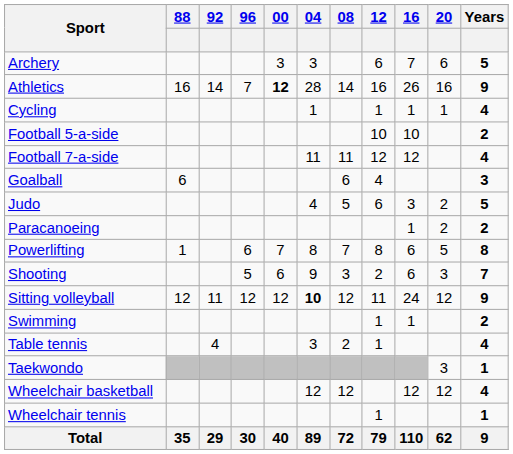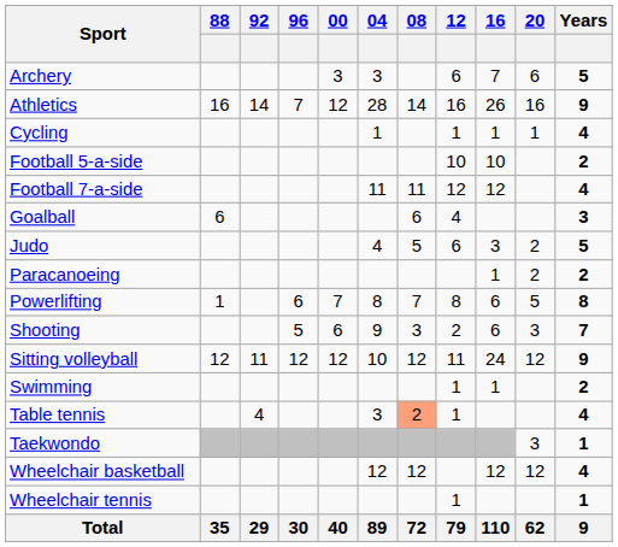 <table class="wikitable sortable" size=90% style="text-align:center; font-size:90%">
 <tr>
 <th rowspan=2 width=150>Sport</th>
 <th width=25><a href='#'>88</a></th>
 <th width=25><a href='#'>92</a></th>
 <th width=25><a href='#'>96</a></th>
 <th width=25><a href='#'>00</a></th>
 <th width=25><a href='#'>04</a></th>
 <th width=25><a href='#'>08</a></th>
 <th width=25><a href='#'>12</a></th>
 <th width=25><a href='#'>16</a></th>
 <th width=25><a href='#'>20</a></th>
 <th width=40>Years</th>
 </tr>
 <tr>
 <th></th>
 <th></th>
 <th></th>
 <th></th>
 <th></th>
 <th></th>
 <th></th>
 <th></th>
 <th></th>
 <th> </th>
 </tr>
 <tr>
 <td align=left><a href='#'>Archery</a></td>
 <td></td>
 <td></td>
 <td></td>
 <td>3</td>
 <td>3</td>
 <td></td>
 <td>6</td>
 <td>7</td>
 <td>6</td>
 <td><strong>5</strong></td>
 </tr>
 <tr>
 <td align=left><a href='#'>Athletics</a></td>
 <td>16</td>
 <td>14</td>
 <td>7</td>
-<td><strong>12</strong></td>
+<td>12</td>
 <td>28</td>
 <td>14</td>
 <td>16</td>
 <td>26</td>
 <td>16</td>
 <td><strong>9</strong></td>
 </tr>
 <tr>
 <td align=left><a href='#'>Cycling</a></td>
 <td></td>
 <td></td>
 <td></td>
 <td></td>
 <td>1</td>
 <td></td>
 <td>1</td>
 <td>1</td>
 <td>1</td>
 <td><strong>4</strong></td>
 </tr>
 <tr>
 <td align=left><a href='#'>Football 5-a-side</a></td>
 <td></td>
 <td></td>
 <td></td>
 <td></td>
 <td></td>
 <td></td>
 <td>10</td>
 <td>10</td>
 <td></td>
 <td><strong>2</strong></td>
 </tr>
 <tr>
 <td align=left><a href='#'>Football 7-a-side</a></td>
 <td></td>
 <td></td>
 <td></td>
 <td></td>
 <td>11</td>
 <td>11</td>
 <td>12</td>
 <td>12</td>
 <td></td>
 <td><strong>4</strong></td>
 </tr>
 <tr>
 <td align=left><a href='#'>Goalball</a></td>
 <td>6</td>
 <td></td>
 <td></td>
 <td></td>
 <td></td>
 <td>6</td>
 <td>4</td>
 <td></td>
 <td></td>
 <td><strong>3</strong></td>
 </tr>
 <tr>
 <td align=left><a href='#'>Judo</a></td>
 <td></td>
 <td></td>
 <td></td>
 <td></td>
 <td>4</td>
 <td>5</td>
 <td>6</td>
 <td>3</td>
 <td>2</td>
 <td><strong>5</strong></td>
 </tr>
 <tr>
 <td align=left><a href='#'>Paracanoeing</a></td>
 <td></td>
 <td></td>
 <td></td>
 <td></td>
 <td></td>
 <td></td>
 <td></td>
 <td>1</td>
 <td>2</td>
 <td><strong>2</strong></td>
 </tr>
 <tr>
 <td align=left><a href='#'>Powerlifting</a></td>
 <td>1</td>
 <td></td>
 <td>6</td>
 <td>7</td>
 <td>8</td>
 <td>7</td>
 <td>8</td>
 <td>6</td>
 <td>5</td>
 <td><strong>8</strong></td>
 </tr>
 <tr>
 <td align=left><a href='#'>Shooting</a></td>
 <td></td>
 <td></td>
 <td>5</td>
 <td>6</td>
 <td>9</td>
 <td>3</td>
 <td>2</td>
 <td>6</td>
 <td>3</td>
 <td><strong>7</strong></td>
 </tr>
 <tr>
 <td align=left><a href='#'>Sitting volleyball</a></td>
 <td>12</td>
 <td>11</td>
 <td>12</td>
 <td>12</td>
-<td><strong>10</strong></td>
+<td>10</td>
 <td>12</td>
 <td>11</td>
 <td>24</td>
 <td>12</td>
 <td><strong>9</strong></td>
 </tr>
 <tr>
 <td align=left><a href='#'>Swimming</a></td>
 <td></td>
 <td></td>
 <td></td>
 <td></td>
 <td></td>
 <td></td>
 <td>1</td>
 <td>1</td>
 <td></td>
 <td><strong>2</strong></td>
 </tr>
 <tr>
 <td align=left><a href='#'>Table tennis</a></td>
 <td></td>
 <td>4</td>
 <td></td>
 <td></td>
 <td>3</td>
-<td>2</td>
+<td style="background: lightsalmon;">2</td>
 <td>1</td>
 <td></td>
 <td></td>
 <td><strong>4</strong></td>
 </tr>
 <tr>
 <td align=left><a href='#'>Taekwondo</a></td>
 <td bgcolor=silver></td>
 <td bgcolor=silver></td>
 <td bgcolor=silver></td>
 <td bgcolor=silver></td>
 <td bgcolor=silver></td>
 <td bgcolor=silver></td>
 <td bgcolor=silver></td>
 <td bgcolor=silver></td>
 <td>3</td>
 <td><strong>1</strong></td>
 </tr>
 <tr>
 <td align=left><a href='#'>Wheelchair basketball</a></td>
 <td></td>
 <td></td>
 <td></td>
 <td></td>
 <td>12</td>
 <td>12</td>
 <td></td>
 <td>12</td>
 <td>12</td>
 <td><strong>4</strong></td>
 </tr>
 <tr>
 <td align=left><a href='#'>Wheelchair tennis</a></td>
 <td></td>
 <td></td>
 <td></td>
 <td></td>
 <td></td>
 <td></td>
 <td>1</td>
 <td></td>
 <td></td>
 <td><strong>1</strong></td>
 </tr>
 <tr class="sortbottom">
 <th>Total</th>
 <th>35</th>
 <th>29</th>
 <th>30</th>
 <th>40</th>
 <th>89</th>
 <th>72</th>
 <th>79</th>
 <th>110</th>
 <th>62</th>
 <th>9</th>
 </tr>
 </table>
